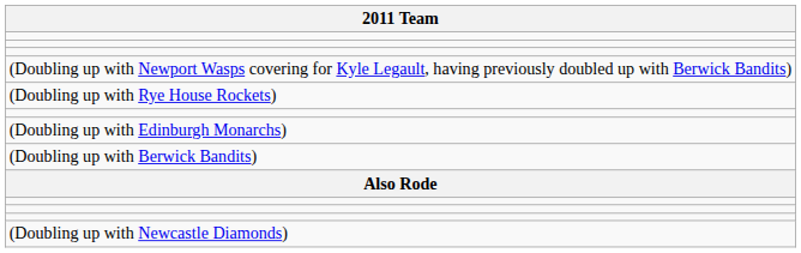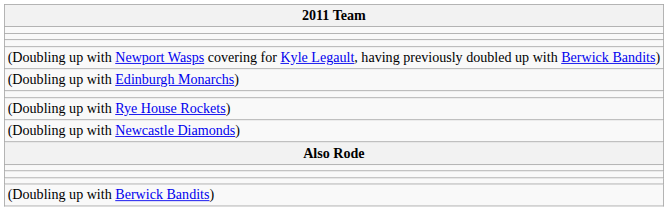 <table class="wikitable collapsible collapsed">
 <tr>
 <th>2011 Team</th>
 </tr>
 <tr>
 <td></td>
 </tr>
 <tr>
 <td></td>
 </tr>
 <tr>
 <td></td>
 </tr>
 <tr>
 <td> (Doubling up with <a href='#'>Newport Wasps</a> covering for <a href='#'>Kyle Legault</a>, having previously doubled up with <a href='#'>Berwick Bandits</a>)</td>
 </tr>
 <tr>
-<td> (Doubling up with <a href='#'>Rye House Rockets</a>)</td>
+<td> (Doubling up with <a href='#'>Edinburgh Monarchs</a>)</td>
 </tr>
 <tr>
 <td></td>
 </tr>
 <tr>
-<td> (Doubling up with <a href='#'>Edinburgh Monarchs</a>)</td>
+<td> (Doubling up with <a href='#'>Rye House Rockets</a>)</td>
 </tr>
 <tr>
-<td> (Doubling up with <a href='#'>Berwick Bandits</a>)</td>
+<td> (Doubling up with <a href='#'>Newcastle Diamonds</a>)</td>
 </tr>
 <tr>
 <th>Also Rode</th>
 </tr>
 <tr>
 <td></td>
 </tr>
 <tr>
 <td></td>
 </tr>
 <tr>
 <td></td>
 </tr>
 <tr>
-<td> (Doubling up with <a href='#'>Newcastle Diamonds</a>)</td>
+<td> (Doubling up with <a href='#'>Berwick Bandits</a>)</td>
 </tr>
 </table>
